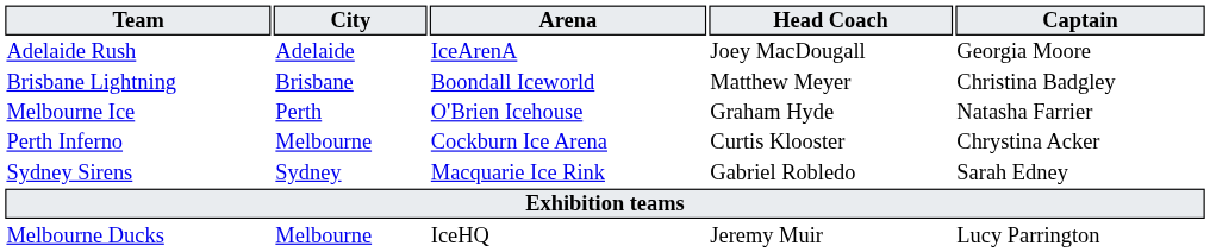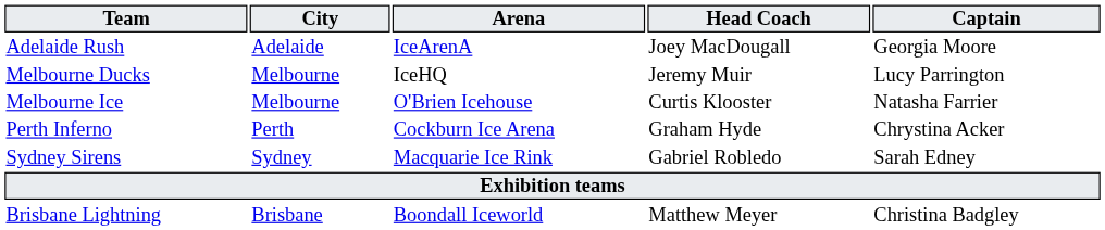 <table class="toccolours" style="width:55em">
 <tr>
 </tr>
 <tr>
 <th style="background:#e9ecef;color:black;border:black 1px solid">Team</th>
 <th style="background:#e9ecef;color:black;border:black 1px solid">City</th>
 <th style="background:#e9ecef;color:black;border:black 1px solid">Arena</th>
 <th style="background:#e9ecef;color:black;border:black 1px solid">Head Coach</th>
 <th style="background:#e9ecef;color:black;border:black 1px solid">Captain</th>
 </tr>
 <tr>
 <td><a href='#'>Adelaide Rush</a></td>
 <td> <a href='#'>Adelaide</a></td>
 <td><a href='#'>IceArenA</a></td>
 <td> Joey MacDougall</td>
 <td> Georgia Moore</td>
 </tr>
 <tr>
-<td><a href='#'>Brisbane Lightning</a></td>
-<td> <a href='#'>Brisbane</a></td>
-<td><a href='#'>Boondall Iceworld</a></td>
-<td> Matthew Meyer</td>
-<td> Christina Badgley</td>
+<td><a href='#'>Melbourne Ducks</a></td>
+<td> <a href='#'>Melbourne</a></td>
+<td>IceHQ</td>
+<td> Jeremy Muir</td>
+<td> Lucy Parrington</td>
 </tr>
 <tr>
 <td><a href='#'>Melbourne Ice</a></td>
-<td> <a href='#'>Perth</a></td>
+<td> <a href='#'>Melbourne</a></td>
 <td><a href='#'>O'Brien Icehouse</a></td>
-<td> Graham Hyde</td>
+<td> Curtis Klooster</td>
 <td> Natasha Farrier</td>
 </tr>
 <tr>
 <td><a href='#'>Perth Inferno</a></td>
-<td> <a href='#'>Melbourne</a></td>
+<td> <a href='#'>Perth</a></td>
 <td><a href='#'>Cockburn Ice Arena</a></td>
-<td> Curtis Klooster</td>
+<td> Graham Hyde</td>
 <td> Chrystina Acker</td>
 </tr>
 <tr>
 <td><a href='#'>Sydney Sirens</a></td>
 <td> <a href='#'>Sydney</a></td>
 <td><a href='#'>Macquarie Ice Rink</a></td>
 <td> Gabriel Robledo</td>
 <td> Sarah Edney</td>
 </tr>
 <tr>
 <th style="background:#e9ecef;color:black;border:black 1px solid;align:center"colspan="5">Exhibition teams</th>
 </tr>
 <tr>
-<td><a href='#'>Melbourne Ducks</a></td>
-<td> <a href='#'>Melbourne</a></td>
-<td>IceHQ</td>
-<td> Jeremy Muir</td>
-<td> Lucy Parrington</td>
+<td><a href='#'>Brisbane Lightning</a></td>
+<td> <a href='#'>Brisbane</a></td>
+<td><a href='#'>Boondall Iceworld</a></td>
+<td> Matthew Meyer</td>
+<td> Christina Badgley</td>
 </tr>
 </table>
